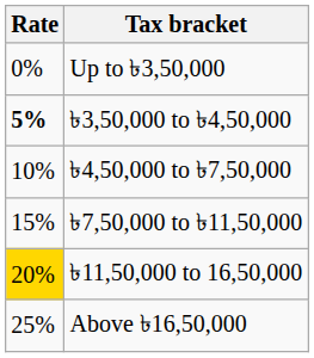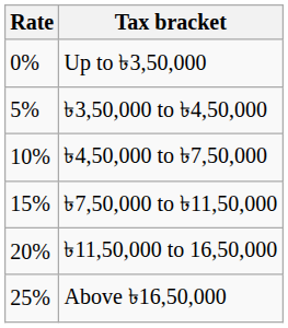 <table class="wikitable">
 <tr>
 <th>Rate</th>
 <th>Tax bracket</th>
 </tr>
 <tr>
 <td>0%</td>
 <td>Up to ৳3,50,000</td>
 </tr>
 <tr>
-<td><strong>5%</strong></td>
+<td>5%</td>
 <td>৳3,50,000 to ৳4,50,000</td>
 </tr>
 <tr>
 <td>10%</td>
 <td>৳4,50,000 to ৳7,50,000</td>
 </tr>
 <tr>
 <td>15%</td>
 <td>৳7,50,000 to ৳11,50,000</td>
 </tr>
 <tr>
-<td style="background: gold;">20%</td>
+<td>20%</td>
 <td>৳11,50,000 to 16,50,000</td>
 </tr>
 <tr>
 <td>25%</td>
 <td>Above ৳16,50,000</td>
 </tr>
 </table>
